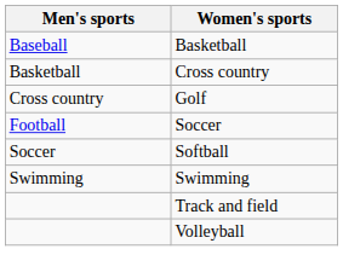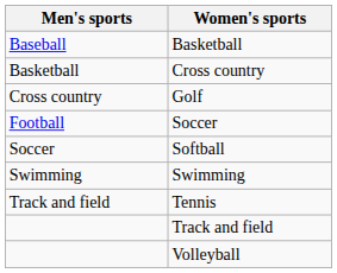 <table class="wikitable"; style= "text-align: ">
 <tr>
 <th width=150px>Men's sports</th>
 <th width=150px>Women's sports</th>
 </tr>
 <tr>
 <td><a href='#'>Baseball</a></td>
 <td>Basketball</td>
 </tr>
 <tr>
 <td>Basketball</td>
 <td>Cross country</td>
 </tr>
 <tr>
 <td>Cross country</td>
 <td>Golf</td>
 </tr>
 <tr>
 <td><a href='#'>Football</a></td>
 <td>Soccer</td>
 </tr>
 <tr>
 <td>Soccer</td>
 <td>Softball</td>
 </tr>
 <tr>
 <td>Swimming</td>
 <td>Swimming</td>
 </tr>
 <tr>
+<td>Track and field</td>
+<td>Tennis</td>
+</tr>
+<tr>
 <td></td>
 <td>Track and field</td>
 </tr>
 <tr>
 <td></td>
 <td>Volleyball</td>
 </tr>
 </table>
